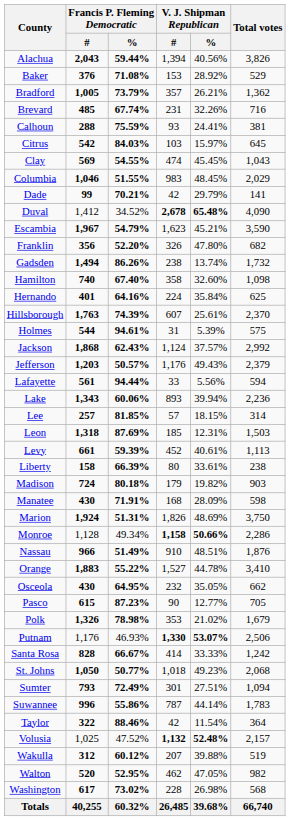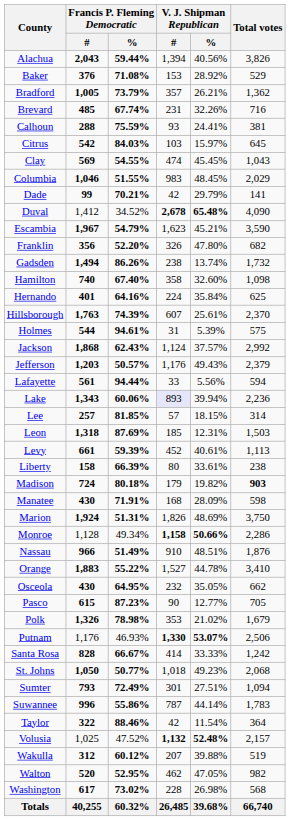 <table class="wikitable sortable">
 <tr>
 <th rowspan="2">County</th>
 <th colspan="2" style="text-align: center;" >Francis P. Fleming <br><em>Democratic</em></th>
 <th colspan="2" style="text-align: center;" >V. J. Shipman <br> <em>Republican</em></th>
 <th rowspan="2">Total votes</th>
 </tr>
 <tr>
 <th colspan="1" style="text-align: center;" >#</th>
 <th colspan="1" style="text-align: center;" >%</th>
 <th colspan="1" style="text-align: center;" >#</th>
 <th colspan="1" style="text-align: center;" >%</th>
 </tr>
 <tr style="text-align:center;">
 <td><a href='#'>Alachua</a></td>
 <td><strong>2,043</strong></td>
 <td><strong>59.44%</strong></td>
 <td>1,394</td>
 <td>40.56%</td>
 <td>3,826</td>
 </tr>
 <tr style="text-align:center;">
 <td><a href='#'>Baker</a></td>
 <td><strong>376</strong></td>
 <td><strong>71.08%</strong></td>
 <td>153</td>
 <td>28.92%</td>
 <td>529</td>
 </tr>
 <tr style="text-align:center;">
 <td><a href='#'>Bradford</a></td>
 <td><strong>1,005</strong></td>
 <td><strong>73.79%</strong></td>
 <td>357</td>
 <td>26.21%</td>
 <td>1,362</td>
 </tr>
 <tr style="text-align:center;">
 <td><a href='#'>Brevard</a></td>
 <td><strong>485</strong></td>
 <td><strong>67.74%</strong></td>
 <td>231</td>
 <td>32.26%</td>
 <td>716</td>
 </tr>
 <tr style="text-align:center;">
 <td><a href='#'>Calhoun</a></td>
 <td><strong>288</strong></td>
 <td><strong>75.59%</strong></td>
 <td>93</td>
 <td>24.41%</td>
 <td>381</td>
 </tr>
 <tr style="text-align:center;">
 <td><a href='#'>Citrus</a></td>
 <td><strong>542</strong></td>
 <td><strong>84.03%</strong></td>
 <td>103</td>
 <td>15.97%</td>
 <td>645</td>
 </tr>
 <tr style="text-align:center;">
 <td><a href='#'>Clay</a></td>
 <td><strong>569</strong></td>
 <td><strong>54.55%</strong></td>
 <td>474</td>
 <td>45.45%</td>
 <td>1,043</td>
 </tr>
 <tr style="text-align:center;">
 <td><a href='#'>Columbia</a></td>
 <td><strong>1,046</strong></td>
 <td><strong>51.55%</strong></td>
 <td>983</td>
 <td>48.45%</td>
 <td>2,029</td>
 </tr>
 <tr style="text-align:center;">
 <td><a href='#'>Dade</a></td>
 <td><strong>99</strong></td>
 <td><strong>70.21%</strong></td>
 <td>42</td>
 <td>29.79%</td>
 <td>141</td>
 </tr>
 <tr style="text-align:center;">
 <td><a href='#'>Duval</a></td>
 <td>1,412</td>
 <td>34.52%</td>
 <td><strong>2,678</strong></td>
 <td><strong>65.48%</strong></td>
 <td>4,090</td>
 </tr>
 <tr style="text-align:center;">
 <td><a href='#'>Escambia</a></td>
 <td><strong>1,967</strong></td>
 <td><strong>54.79%</strong></td>
 <td>1,623</td>
 <td>45.21%</td>
 <td>3,590</td>
 </tr>
 <tr style="text-align:center;">
 <td><a href='#'>Franklin</a></td>
 <td><strong>356</strong></td>
 <td><strong>52.20%</strong></td>
 <td>326</td>
 <td>47.80%</td>
 <td>682</td>
 </tr>
 <tr style="text-align:center;">
 <td><a href='#'>Gadsden</a></td>
 <td><strong>1,494</strong></td>
 <td><strong>86.26%</strong></td>
 <td>238</td>
 <td>13.74%</td>
 <td>1,732</td>
 </tr>
 <tr style="text-align:center;">
 <td><a href='#'>Hamilton</a></td>
 <td><strong>740</strong></td>
 <td><strong>67.40%</strong></td>
 <td>358</td>
 <td>32.60%</td>
 <td>1,098</td>
 </tr>
 <tr style="text-align:center;">
 <td><a href='#'>Hernando</a></td>
 <td><strong>401</strong></td>
 <td><strong>64.16%</strong></td>
 <td>224</td>
 <td>35.84%</td>
 <td>625</td>
 </tr>
 <tr style="text-align:center;">
 <td><a href='#'>Hillsborough</a></td>
 <td><strong>1,763</strong></td>
 <td><strong>74.39%</strong></td>
 <td>607</td>
 <td>25.61%</td>
 <td>2,370</td>
 </tr>
 <tr style="text-align:center;">
 <td><a href='#'>Holmes</a></td>
 <td><strong>544</strong></td>
 <td><strong>94.61%</strong></td>
 <td>31</td>
 <td>5.39%</td>
 <td>575</td>
 </tr>
 <tr style="text-align:center;">
 <td><a href='#'>Jackson</a></td>
 <td><strong>1,868</strong></td>
 <td><strong>62.43%</strong></td>
 <td>1,124</td>
 <td>37.57%</td>
 <td>2,992</td>
 </tr>
 <tr style="text-align:center;">
 <td><a href='#'>Jefferson</a></td>
 <td><strong>1,203</strong></td>
 <td><strong>50.57%</strong></td>
 <td>1,176</td>
 <td>49.43%</td>
 <td>2,379</td>
 </tr>
 <tr style="text-align:center;">
 <td><a href='#'>Lafayette</a></td>
 <td><strong>561</strong></td>
 <td><strong>94.44%</strong></td>
 <td>33</td>
 <td>5.56%</td>
 <td>594</td>
 </tr>
 <tr style="text-align:center;">
 <td><a href='#'>Lake</a></td>
 <td><strong>1,343</strong></td>
 <td><strong>60.06%</strong></td>
-<td>893</td>
+<td style="background: lavender;">893</td>
 <td>39.94%</td>
 <td>2,236</td>
 </tr>
 <tr style="text-align:center;">
 <td><a href='#'>Lee</a></td>
 <td><strong>257</strong></td>
 <td><strong>81.85%</strong></td>
 <td>57</td>
 <td>18.15%</td>
 <td>314</td>
 </tr>
 <tr style="text-align:center;">
 <td><a href='#'>Leon</a></td>
 <td><strong>1,318</strong></td>
 <td><strong>87.69%</strong></td>
 <td>185</td>
 <td>12.31%</td>
 <td>1,503</td>
 </tr>
 <tr style="text-align:center;">
 <td><a href='#'>Levy</a></td>
 <td><strong>661</strong></td>
 <td><strong>59.39%</strong></td>
 <td>452</td>
 <td>40.61%</td>
 <td>1,113</td>
 </tr>
 <tr style="text-align:center;">
 <td><a href='#'>Liberty</a></td>
 <td><strong>158</strong></td>
 <td><strong>66.39%</strong></td>
 <td>80</td>
 <td>33.61%</td>
 <td>238</td>
 </tr>
 <tr style="text-align:center;">
 <td><a href='#'>Madison</a></td>
 <td><strong>724</strong></td>
 <td><strong>80.18%</strong></td>
 <td>179</td>
 <td>19.82%</td>
-<td>903</td>
+<td><strong>903</strong></td>
 </tr>
 <tr style="text-align:center;">
 <td><a href='#'>Manatee</a></td>
 <td><strong>430</strong></td>
 <td><strong>71.91%</strong></td>
 <td>168</td>
 <td>28.09%</td>
 <td>598</td>
 </tr>
 <tr style="text-align:center;">
 <td><a href='#'>Marion</a></td>
 <td><strong>1,924</strong></td>
 <td><strong>51.31%</strong></td>
 <td>1,826</td>
 <td>48.69%</td>
 <td>3,750</td>
 </tr>
 <tr style="text-align:center;">
 <td><a href='#'>Monroe</a></td>
 <td>1,128</td>
 <td>49.34%</td>
 <td><strong>1,158</strong></td>
 <td><strong>50.66%</strong></td>
 <td>2,286</td>
 </tr>
 <tr style="text-align:center;">
 <td><a href='#'>Nassau</a></td>
 <td><strong>966</strong></td>
 <td><strong>51.49%</strong></td>
 <td>910</td>
 <td>48.51%</td>
 <td>1,876</td>
 </tr>
 <tr style="text-align:center;">
 <td><a href='#'>Orange</a></td>
 <td><strong>1,883</strong></td>
 <td><strong>55.22%</strong></td>
 <td>1,527</td>
 <td>44.78%</td>
 <td>3,410</td>
 </tr>
 <tr style="text-align:center;">
 <td><a href='#'>Osceola</a></td>
 <td><strong>430</strong></td>
 <td><strong>64.95%</strong></td>
 <td>232</td>
 <td>35.05%</td>
 <td>662</td>
 </tr>
 <tr style="text-align:center;">
 <td><a href='#'>Pasco</a></td>
 <td><strong>615</strong></td>
 <td><strong>87.23%</strong></td>
 <td>90</td>
 <td>12.77%</td>
 <td>705</td>
 </tr>
 <tr style="text-align:center;">
 <td><a href='#'>Polk</a></td>
 <td><strong>1,326</strong></td>
 <td><strong>78.98%</strong></td>
 <td>353</td>
 <td>21.02%</td>
 <td>1,679</td>
 </tr>
 <tr style="text-align:center;">
 <td><a href='#'>Putnam</a></td>
 <td>1,176</td>
 <td>46.93%</td>
 <td><strong>1,330</strong></td>
 <td><strong>53.07%</strong></td>
 <td>2,506</td>
 </tr>
 <tr style="text-align:center;">
 <td><a href='#'>Santa Rosa</a></td>
 <td><strong>828</strong></td>
 <td><strong>66.67%</strong></td>
 <td>414</td>
 <td>33.33%</td>
 <td>1,242</td>
 </tr>
 <tr style="text-align:center;">
 <td><a href='#'>St. Johns</a></td>
 <td><strong>1,050</strong></td>
 <td><strong>50.77%</strong></td>
 <td>1,018</td>
 <td>49.23%</td>
 <td>2,068</td>
 </tr>
 <tr style="text-align:center;">
 <td><a href='#'>Sumter</a></td>
 <td><strong>793</strong></td>
 <td><strong>72.49%</strong></td>
 <td>301</td>
 <td>27.51%</td>
 <td>1,094</td>
 </tr>
 <tr style="text-align:center;">
 <td><a href='#'>Suwannee</a></td>
 <td><strong>996</strong></td>
 <td><strong>55.86%</strong></td>
 <td>787</td>
 <td>44.14%</td>
 <td>1,783</td>
 </tr>
 <tr style="text-align:center;">
 <td><a href='#'>Taylor</a></td>
 <td><strong>322</strong></td>
 <td><strong>88.46%</strong></td>
 <td>42</td>
 <td>11.54%</td>
 <td>364</td>
 </tr>
 <tr style="text-align:center;">
 <td><a href='#'>Volusia</a></td>
 <td>1,025</td>
 <td>47.52%</td>
 <td><strong>1,132</strong></td>
 <td><strong>52.48%</strong></td>
 <td>2,157</td>
 </tr>
 <tr style="text-align:center;">
 <td><a href='#'>Wakulla</a></td>
 <td><strong>312</strong></td>
 <td><strong>60.12%</strong></td>
 <td>207</td>
 <td>39.88%</td>
 <td>519</td>
 </tr>
 <tr style="text-align:center;">
 <td><a href='#'>Walton</a></td>
 <td><strong>520</strong></td>
 <td><strong>52.95%</strong></td>
 <td>462</td>
 <td>47.05%</td>
 <td>982</td>
 </tr>
 <tr style="text-align:center;">
 <td><a href='#'>Washington</a></td>
 <td><strong>617</strong></td>
 <td><strong>73.02%</strong></td>
 <td>228</td>
 <td>26.98%</td>
 <td>568</td>
 </tr>
 <tr style="text-align:center;">
 <th>Totals</th>
 <th>40,255</th>
 <th>60.32%</th>
 <th>26,485</th>
 <th>39.68%</th>
 <th>66,740</th>
 </tr>
 </table>
